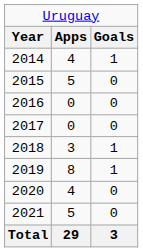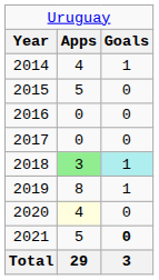 <table class="wikitable" style="text-align:center">
 <tr>
 <td colspan=4><a href='#'>Uruguay</a></td>
 </tr>
 <tr>
 <th>Year</th>
 <th>Apps</th>
 <th>Goals</th>
 </tr>
 <tr>
 <td>2014</td>
 <td>4</td>
 <td>1</td>
 </tr>
 <tr>
 <td>2015</td>
 <td>5</td>
 <td>0</td>
 </tr>
 <tr>
 <td>2016</td>
 <td>0</td>
 <td>0</td>
 </tr>
 <tr>
 <td>2017</td>
 <td>0</td>
 <td>0</td>
 </tr>
 <tr>
 <td>2018</td>
-<td>3</td>
-<td>1</td>
+<td style="background: lightgreen;">3</td>
+<td style="background: paleturquoise;">1</td>
 </tr>
 <tr>
 <td>2019</td>
 <td>8</td>
 <td>1</td>
 </tr>
 <tr>
 <td>2020</td>
-<td>4</td>
+<td style="background: lightyellow;">4</td>
 <td>0</td>
 </tr>
 <tr>
 <td>2021</td>
 <td>5</td>
-<td>0</td>
+<td><strong>0</strong></td>
 </tr>
 <tr>
 <th>Total</th>
 <th>29</th>
 <th>3</th>
 </tr>
 </table>
